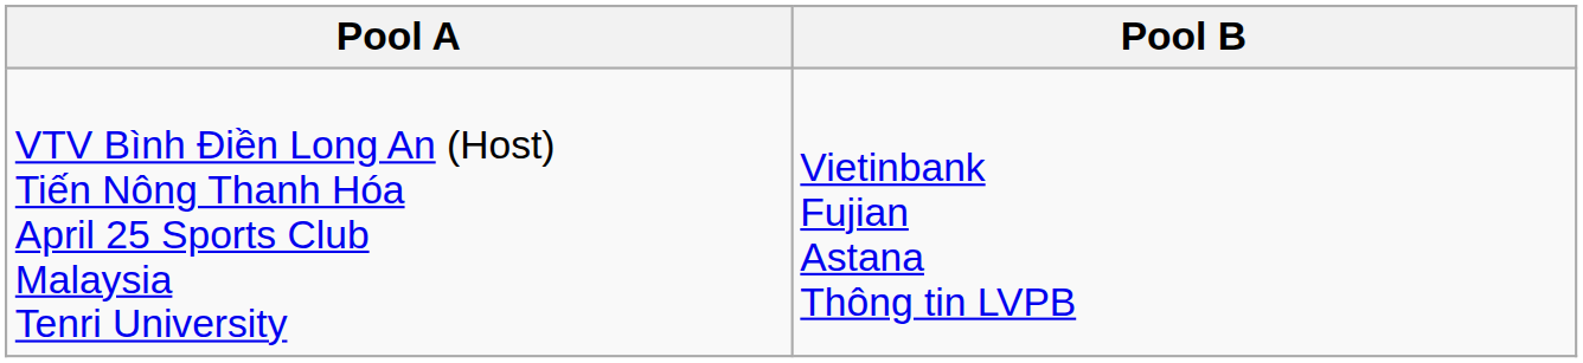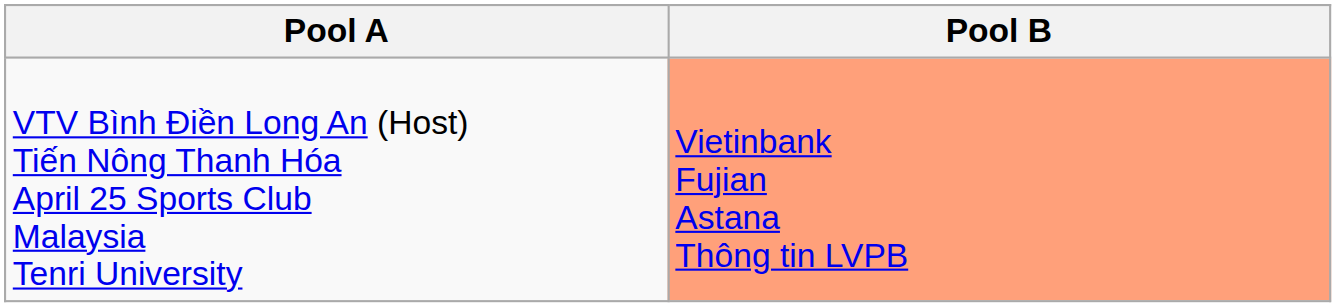 <table class="wikitable" width=50%>
 <tr>
 <th width=50%>Pool A</th>
 <th width=50%>Pool B</th>
 </tr>
 <tr>
 <td><br> <a href='#'>VTV Bình Điền Long An</a> (Host)<br>  <a href='#'>Tiến Nông Thanh Hóa</a> <br>  <a href='#'>April 25 Sports Club</a>   <br>  <a href='#'>Malaysia</a><br>  <a href='#'>Tenri University</a><br></td>
-<td><br> <a href='#'>Vietinbank</a> <br>    <a href='#'>Fujian</a> <br>    <a href='#'>Astana</a><br>    <a href='#'>Thông tin LVPB</a>  <br></td>
+<td style="background: lightsalmon;"><br> <a href='#'>Vietinbank</a> <br>    <a href='#'>Fujian</a> <br>    <a href='#'>Astana</a><br>    <a href='#'>Thông tin LVPB</a>  <br></td>
 </tr>
 </table>
